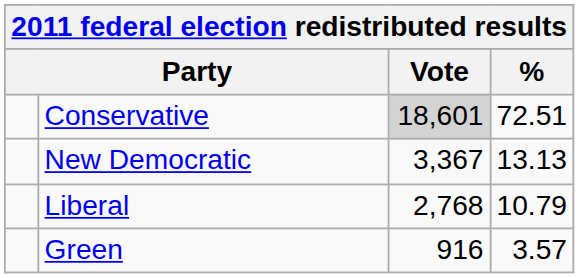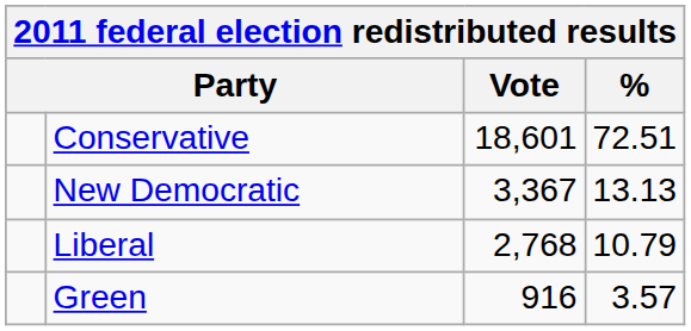 <table class="wikitable">
 <tr>
 <th colspan="4"><a href='#'>2011 federal election</a> redistributed results</th>
 </tr>
 <tr>
 <th bgcolor="#DDDDFF" width="130px" colspan="2">Party</th>
 <th bgcolor="#DDDDFF" width="50px">Vote</th>
 <th bgcolor="#DDDDFF" width="30px">%</th>
 </tr>
 <tr>
 <td> </td>
 <td><a href='#'>Conservative</a></td>
-<td align=right style="background: lightgrey;">18,601</td>
+<td align=right>18,601</td>
 <td align=right>72.51</td>
 </tr>
 <tr>
 <td> </td>
 <td><a href='#'>New Democratic</a></td>
 <td align=right>3,367</td>
 <td align=right>13.13</td>
 </tr>
 <tr>
 <td> </td>
 <td><a href='#'>Liberal</a></td>
 <td align=right>2,768</td>
 <td align=right>10.79</td>
 </tr>
 <tr>
 <td> </td>
 <td><a href='#'>Green</a></td>
 <td align=right>916</td>
 <td align=right>3.57</td>
 </tr>
 </table>
